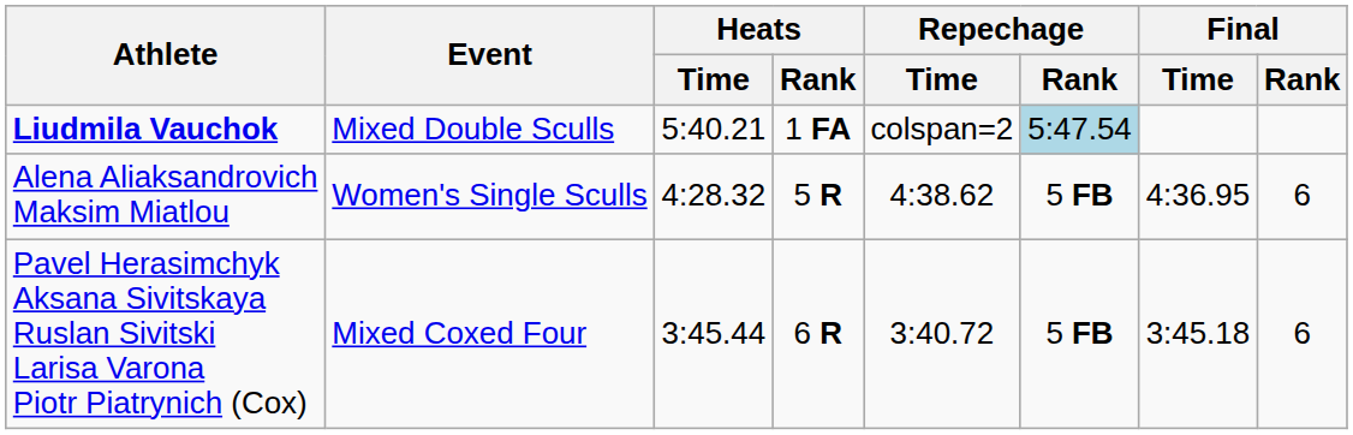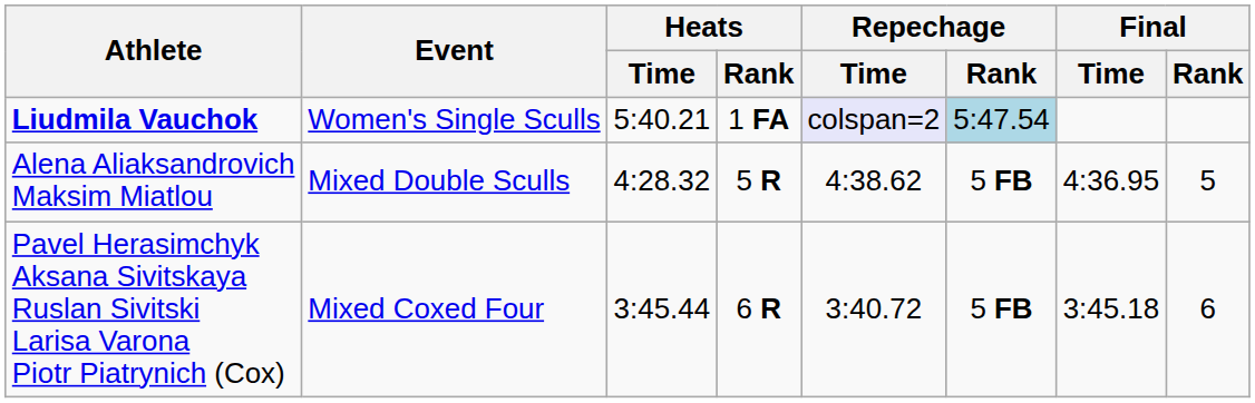 <table class="wikitable">
 <tr>
 <th rowspan="2">Athlete</th>
 <th rowspan="2">Event</th>
 <th colspan="2">Heats</th>
 <th colspan="2">Repechage</th>
 <th colspan="2">Final</th>
 </tr>
 <tr>
 <th>Time</th>
 <th>Rank</th>
 <th>Time</th>
 <th>Rank</th>
 <th>Time</th>
 <th>Rank</th>
 </tr>
 <tr align=center>
 <td align=left><strong><a href='#'>Liudmila Vauchok</a></strong></td>
-<td align=left><a href='#'>Mixed Double Sculls</a></td>
+<td align=left><a href='#'>Women's Single Sculls</a></td>
 <td>5:40.21</td>
 <td>1 <strong>FA</strong></td>
-<td>colspan=2 </td>
+<td style="background: lavender;">colspan=2 </td>
 <td style="background: lightblue;">5:47.54</td>
 <td></td>
 </tr>
 <tr align=center>
 <td align=left><a href='#'>Alena Aliaksandrovich</a><br><a href='#'>Maksim Miatlou</a></td>
-<td align=left><a href='#'>Women's Single Sculls</a></td>
+<td align=left><a href='#'>Mixed Double Sculls</a></td>
 <td>4:28.32</td>
 <td>5 <strong>R</strong></td>
 <td>4:38.62</td>
 <td>5 <strong>FB</strong></td>
 <td>4:36.95</td>
-<td>6</td>
+<td>5</td>
 </tr>
 <tr align=center>
 <td align=left><a href='#'>Pavel Herasimchyk</a><br><a href='#'>Aksana Sivitskaya</a><br><a href='#'>Ruslan Sivitski</a><br><a href='#'>Larisa Varona</a><br><a href='#'>Piotr Piatrynich</a> (Cox)</td>
 <td align=left><a href='#'>Mixed Coxed Four</a></td>
 <td>3:45.44</td>
 <td>6 <strong>R</strong></td>
 <td>3:40.72</td>
 <td>5 <strong>FB</strong></td>
 <td>3:45.18</td>
 <td>6</td>
 </tr>
 </table>
